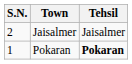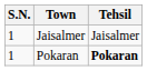 <table class="wikitable">
 <tr>
 <th>S.N.</th>
 <th>Town</th>
 <th>Tehsil</th>
 </tr>
 <tr>
-<td>2</td>
+<td>1</td>
 <td>Jaisalmer</td>
 <td>Jaisalmer</td>
 </tr>
 <tr>
 <td>1</td>
 <td>Pokaran</td>
 <td><strong>Pokaran</strong></td>
 </tr>
 </table>
